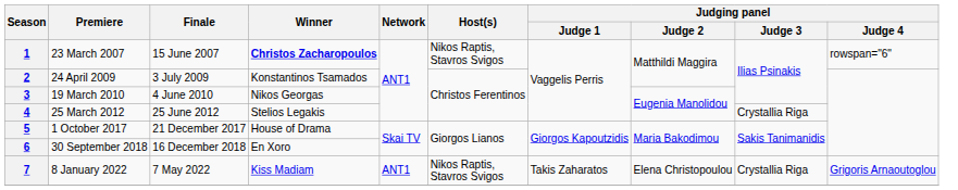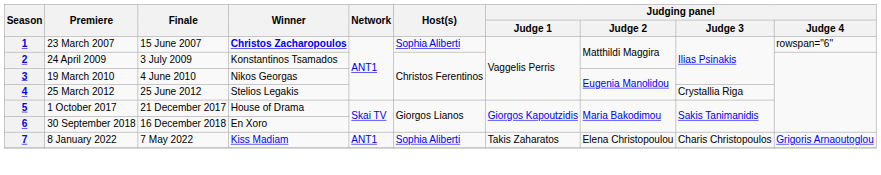 <table class="wikitable plainrowheaders center">
 <tr>
 <th rowspan=2 scope="col">Season</th>
 <th rowspan=2 scope="col">Premiere</th>
 <th rowspan=2 scope="col">Finale</th>
 <th rowspan=2 scope="col">Winner</th>
 <th rowspan=2 scope="col">Network</th>
 <th rowspan=2 scope="col">Host(s)</th>
 <th colspan="4">Judging panel</th>
 </tr>
 <tr>
 <th scope="col">Judge 1</th>
 <th scope="col">Judge 2</th>
 <th scope="col">Judge 3</th>
 <th scope="col">Judge 4</th>
 </tr>
 <tr>
 <th><a href='#'>1</a></th>
 <td>23 March 2007</td>
 <td>15 June 2007</td>
 <td><strong><a href='#'>Christos Zacharopoulos</a></strong></td>
 <td rowspan=4><a href='#'>ANT1</a></td>
-<td>Nikos Raptis,<br>Stavros Svigos</td>
+<td><a href='#'>Sophia Aliberti</a></td>
 <td rowspan="4">Vaggelis Perris</td>
 <td rowspan="2">Matthildi Maggira</td>
 <td rowspan=3><a href='#'>Ilias Psinakis</a></td>
 <td>rowspan="6" </td>
 </tr>
 <tr>
 <th><a href='#'>2</a></th>
 <td>24 April 2009</td>
 <td>3 July 2009</td>
 <td>Konstantinos Tsamados</td>
 <td rowspan=3>Christos Ferentinos</td>
 </tr>
 <tr>
 <th><a href='#'>3</a></th>
 <td>19 March 2010</td>
 <td>4 June 2010</td>
 <td>Nikos Georgas</td>
 <td rowspan=2><a href='#'>Eugenia Manolidou</a></td>
 </tr>
 <tr>
 <th><a href='#'>4</a></th>
 <td>25 March 2012</td>
 <td>25 June 2012</td>
 <td>Stelios Legakis</td>
 <td>Crystallia Riga</td>
 </tr>
 <tr>
 <th><a href='#'>5</a></th>
 <td>1 October 2017</td>
 <td>21 December 2017</td>
 <td>House of Drama</td>
 <td rowspan=2><a href='#'>Skai TV</a></td>
 <td rowspan=2>Giorgos Lianos</td>
 <td rowspan="2"><a href='#'>Giorgos Kapoutzidis</a></td>
 <td rowspan="2"><a href='#'>Maria Bakodimou</a></td>
 <td rowspan=2><a href='#'>Sakis Tanimanidis</a></td>
 </tr>
 <tr>
 <th><a href='#'>6</a></th>
 <td>30 September 2018</td>
 <td>16 December 2018</td>
 <td>En Xoro</td>
 </tr>
 <tr>
 <th><a href='#'>7</a></th>
 <td>8 January 2022</td>
 <td>7 May 2022</td>
 <td><a href='#'>Kiss Madiam</a></td>
 <td><a href='#'>ANT1</a></td>
-<td>Nikos Raptis,<br>Stavros Svigos</td>
+<td><a href='#'>Sophia Aliberti</a></td>
 <td>Takis Zaharatos</td>
 <td>Elena Christopoulou</td>
-<td>Crystallia Riga</td>
+<td>Charis Christopoulos</td>
 <td><a href='#'>Grigoris Arnaoutoglou</a></td>
 </tr>
 <tr>
 </tr>
 </table>
